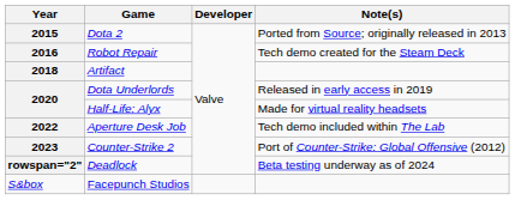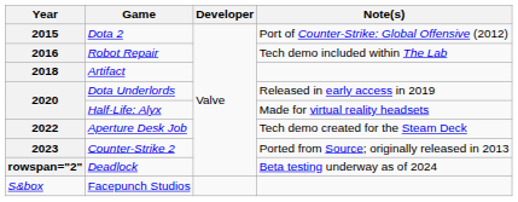 <table class="wikitable sortable" width="auto">
 <tr>
 <th>Year</th>
 <th>Game</th>
 <th>Developer</th>
 <th>Note(s)</th>
 </tr>
 <tr>
 <th>2015</th>
 <td><em><a href='#'>Dota 2</a></em></td>
 <td rowspan="8">Valve</td>
-<td>Ported from <a href='#'>Source</a>; originally released in 2013</td>
+<td>Port of <em><a href='#'>Counter-Strike: Global Offensive</a></em> (2012)</td>
 </tr>
 <tr>
 <th>2016</th>
 <td><em><a href='#'>Robot Repair</a></em></td>
-<td>Tech demo created for the <a href='#'>Steam Deck</a></td>
+<td>Tech demo included within <em><a href='#'>The Lab</a></em></td>
 </tr>
 <tr>
 <th>2018</th>
 <td><em><a href='#'>Artifact</a></em></td>
 <td></td>
 </tr>
 <tr>
 <th rowspan="2">2020</th>
 <td><em><a href='#'>Dota Underlords</a></em></td>
 <td>Released in <a href='#'>early access</a> in 2019</td>
 </tr>
 <tr>
 <td><em><a href='#'>Half-Life: Alyx</a></em></td>
 <td>Made for <a href='#'>virtual reality headsets</a></td>
 </tr>
 <tr>
 <th>2022</th>
 <td><em><a href='#'>Aperture Desk Job</a></em></td>
-<td>Tech demo included within <em><a href='#'>The Lab</a></em></td>
+<td>Tech demo created for the <a href='#'>Steam Deck</a></td>
 </tr>
 <tr>
 <th>2023</th>
 <td><em><a href='#'>Counter-Strike 2</a></em></td>
-<td>Port of <em><a href='#'>Counter-Strike: Global Offensive</a></em> (2012)</td>
+<td>Ported from <a href='#'>Source</a>; originally released in 2013</td>
 </tr>
 <tr>
 <th>rowspan="2" </th>
 <td><em><a href='#'>Deadlock</a></em></td>
 <td><a href='#'>Beta testing</a> underway as of 2024</td>
 </tr>
 <tr>
 <td><em><a href='#'>S&box</a></em></td>
 <td><a href='#'>Facepunch Studios</a></td>
 <td></td>
 </tr>
 </table>
